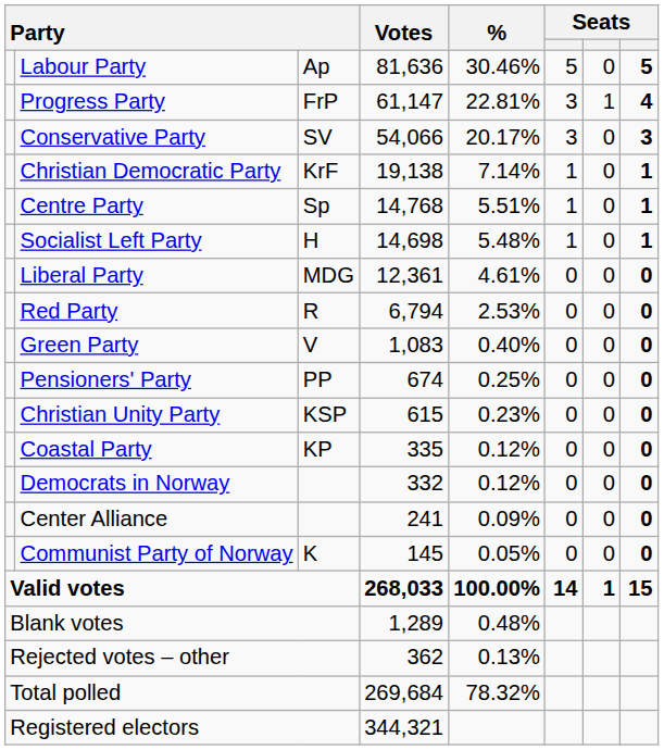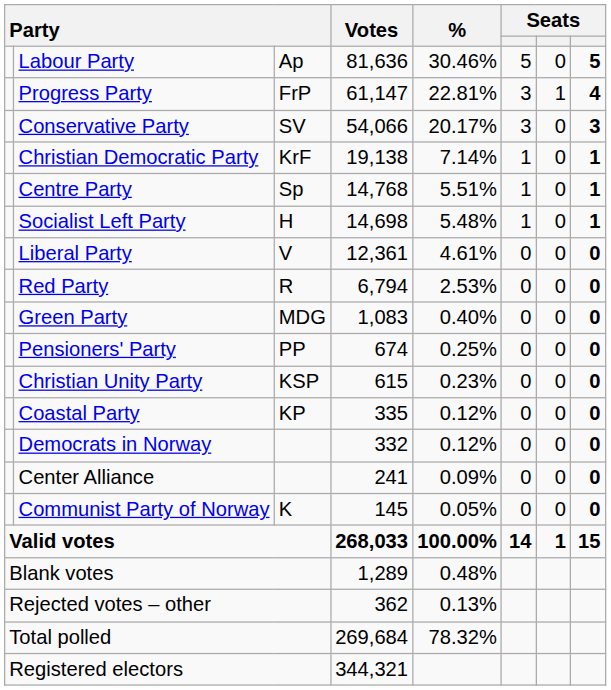 <table class="wikitable" border="1" style="text-align:right;">
 <tr>
 <th style="text-align:left;" valign=bottom rowspan=2 colspan=3>Party</th>
 <th align=center valign=bottom rowspan=2 width="50">Votes</th>
 <th align=center valign=bottom rowspan=2 width="50">%</th>
 <th colspan=3>Seats</th>
 </tr>
 <tr>
 <th align=center valign=bottom width="20"><small></small></th>
 <th align=center valign=bottom width="20"><small><a href='#'></a></small></th>
 <th align=center valign=bottom width="20"><small></small></th>
 </tr>
 <tr>
 <td style="color:inherit;background:"></td>
 <td align=left><a href='#'>Labour Party</a></td>
 <td align=left>Ap</td>
 <td>81,636</td>
 <td>30.46%</td>
 <td>5</td>
 <td>0</td>
 <td><strong>5</strong></td>
 </tr>
 <tr>
 <td style="color:inherit;background:"></td>
 <td align=left><a href='#'>Progress Party</a></td>
 <td align=left>FrP</td>
 <td>61,147</td>
 <td>22.81%</td>
 <td>3</td>
 <td>1</td>
 <td><strong>4</strong></td>
 </tr>
 <tr>
 <td style="color:inherit;background:"></td>
 <td align=left><a href='#'>Conservative Party</a></td>
 <td align=left>SV</td>
 <td>54,066</td>
 <td>20.17%</td>
 <td>3</td>
 <td>0</td>
 <td><strong>3</strong></td>
 </tr>
 <tr>
 <td style="color:inherit;background:"></td>
 <td align=left><a href='#'>Christian Democratic Party</a></td>
 <td align=left>KrF</td>
 <td>19,138</td>
 <td>7.14%</td>
 <td>1</td>
 <td>0</td>
 <td><strong>1</strong></td>
 </tr>
 <tr>
 <td style="color:inherit;background:"></td>
 <td align=left><a href='#'>Centre Party</a></td>
 <td align=left>Sp</td>
 <td>14,768</td>
 <td>5.51%</td>
 <td>1</td>
 <td>0</td>
 <td><strong>1</strong></td>
 </tr>
 <tr>
 <td style="color:inherit;background:"></td>
 <td align=left><a href='#'>Socialist Left Party</a></td>
 <td align=left>H</td>
 <td>14,698</td>
 <td>5.48%</td>
 <td>1</td>
 <td>0</td>
 <td><strong>1</strong></td>
 </tr>
 <tr>
 <td style="color:inherit;background:"></td>
 <td align=left><a href='#'>Liberal Party</a></td>
-<td align=left>MDG</td>
+<td align=left>V</td>
 <td>12,361</td>
 <td>4.61%</td>
 <td>0</td>
 <td>0</td>
 <td><strong>0</strong></td>
 </tr>
 <tr>
 <td style="color:inherit;background:"></td>
 <td align=left><a href='#'>Red Party</a></td>
 <td align=left>R</td>
 <td>6,794</td>
 <td>2.53%</td>
 <td>0</td>
 <td>0</td>
 <td><strong>0</strong></td>
 </tr>
 <tr>
 <td style="color:inherit;background:"></td>
 <td align=left><a href='#'>Green Party</a></td>
-<td align=left>V</td>
+<td align=left>MDG</td>
 <td>1,083</td>
 <td>0.40%</td>
 <td>0</td>
 <td>0</td>
 <td><strong>0</strong></td>
 </tr>
 <tr>
 <td style="color:inherit;background:"></td>
 <td align=left><a href='#'>Pensioners' Party</a></td>
 <td align=left>PP</td>
 <td>674</td>
 <td>0.25%</td>
 <td>0</td>
 <td>0</td>
 <td><strong>0</strong></td>
 </tr>
 <tr>
 <td style="color:inherit;background:"></td>
 <td align=left><a href='#'>Christian Unity Party</a></td>
 <td align=left>KSP</td>
 <td>615</td>
 <td>0.23%</td>
 <td>0</td>
 <td>0</td>
 <td><strong>0</strong></td>
 </tr>
 <tr>
 <td style="color:inherit;background:"></td>
 <td align=left><a href='#'>Coastal Party</a></td>
 <td align=left>KP</td>
 <td>335</td>
 <td>0.12%</td>
 <td>0</td>
 <td>0</td>
 <td><strong>0</strong></td>
 </tr>
 <tr>
 <td style="color:inherit;background:"></td>
 <td align=left><a href='#'>Democrats in Norway</a></td>
 <td align=left></td>
 <td>332</td>
 <td>0.12%</td>
 <td>0</td>
 <td>0</td>
 <td><strong>0</strong></td>
 </tr>
 <tr>
 <td></td>
 <td align=left>Center Alliance</td>
 <td align=left></td>
 <td>241</td>
 <td>0.09%</td>
 <td>0</td>
 <td>0</td>
 <td><strong>0</strong></td>
 </tr>
 <tr>
 <td style="color:inherit;background:"></td>
 <td align=left><a href='#'>Communist Party of Norway</a></td>
 <td align=left>K</td>
 <td>145</td>
 <td>0.05%</td>
 <td>0</td>
 <td>0</td>
 <td><strong>0</strong></td>
 </tr>
 <tr style="font-weight:bold">
 <td align=left colspan=3>Valid votes</td>
 <td>268,033</td>
 <td>100.00%</td>
 <td>14</td>
 <td>1</td>
 <td>15</td>
 </tr>
 <tr>
 <td align=left colspan=3>Blank votes</td>
 <td>1,289</td>
 <td>0.48%</td>
 <td></td>
 <td></td>
 <td></td>
 </tr>
 <tr>
 <td align=left colspan=3>Rejected votes – other</td>
 <td>362</td>
 <td>0.13%</td>
 <td></td>
 <td></td>
 <td></td>
 </tr>
 <tr>
 <td align=left colspan=3>Total polled</td>
 <td>269,684</td>
 <td>78.32%</td>
 <td></td>
 <td></td>
 <td></td>
 </tr>
 <tr>
 <td align=left colspan=3>Registered electors</td>
 <td>344,321</td>
 <td></td>
 <td></td>
 <td></td>
 <td></td>
 </tr>
 </table>
